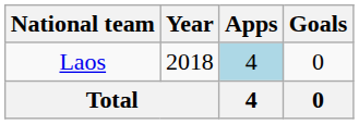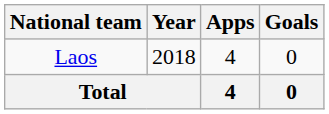 <table class="wikitable" style="text-align:center">
 <tr>
 <th>National team</th>
 <th>Year</th>
 <th>Apps</th>
 <th>Goals</th>
 </tr>
 <tr>
 <td rowspan="1"><a href='#'>Laos</a></td>
 <td>2018</td>
-<td style="background: lightblue;">4</td>
+<td>4</td>
 <td>0</td>
 </tr>
 <tr>
 <th colspan=2>Total</th>
 <th>4</th>
 <th>0</th>
 </tr>
 </table>
